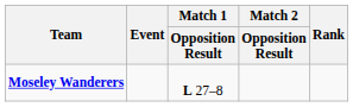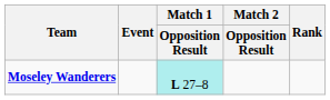 <table class=wikitable>
 <tr>
 <th rowspan=2>Team</th>
 <th rowspan=2>Event</th>
 <th>Match 1</th>
 <th>Match 2</th>
 <th rowspan=2>Rank</th>
 </tr>
 <tr>
 <th>Opposition <br> Result</th>
 <th>Opposition <br> Result</th>
 </tr>
 <tr align=center>
 <td align=left><strong><a href='#'>Moseley Wanderers</a></strong></td>
 <td></td>
-<td> <br> <strong>L</strong> 27–8</td>
+<td style="background: paleturquoise;"> <br> <strong>L</strong> 27–8</td>
 <td></td>
 </tr>
 </table>
